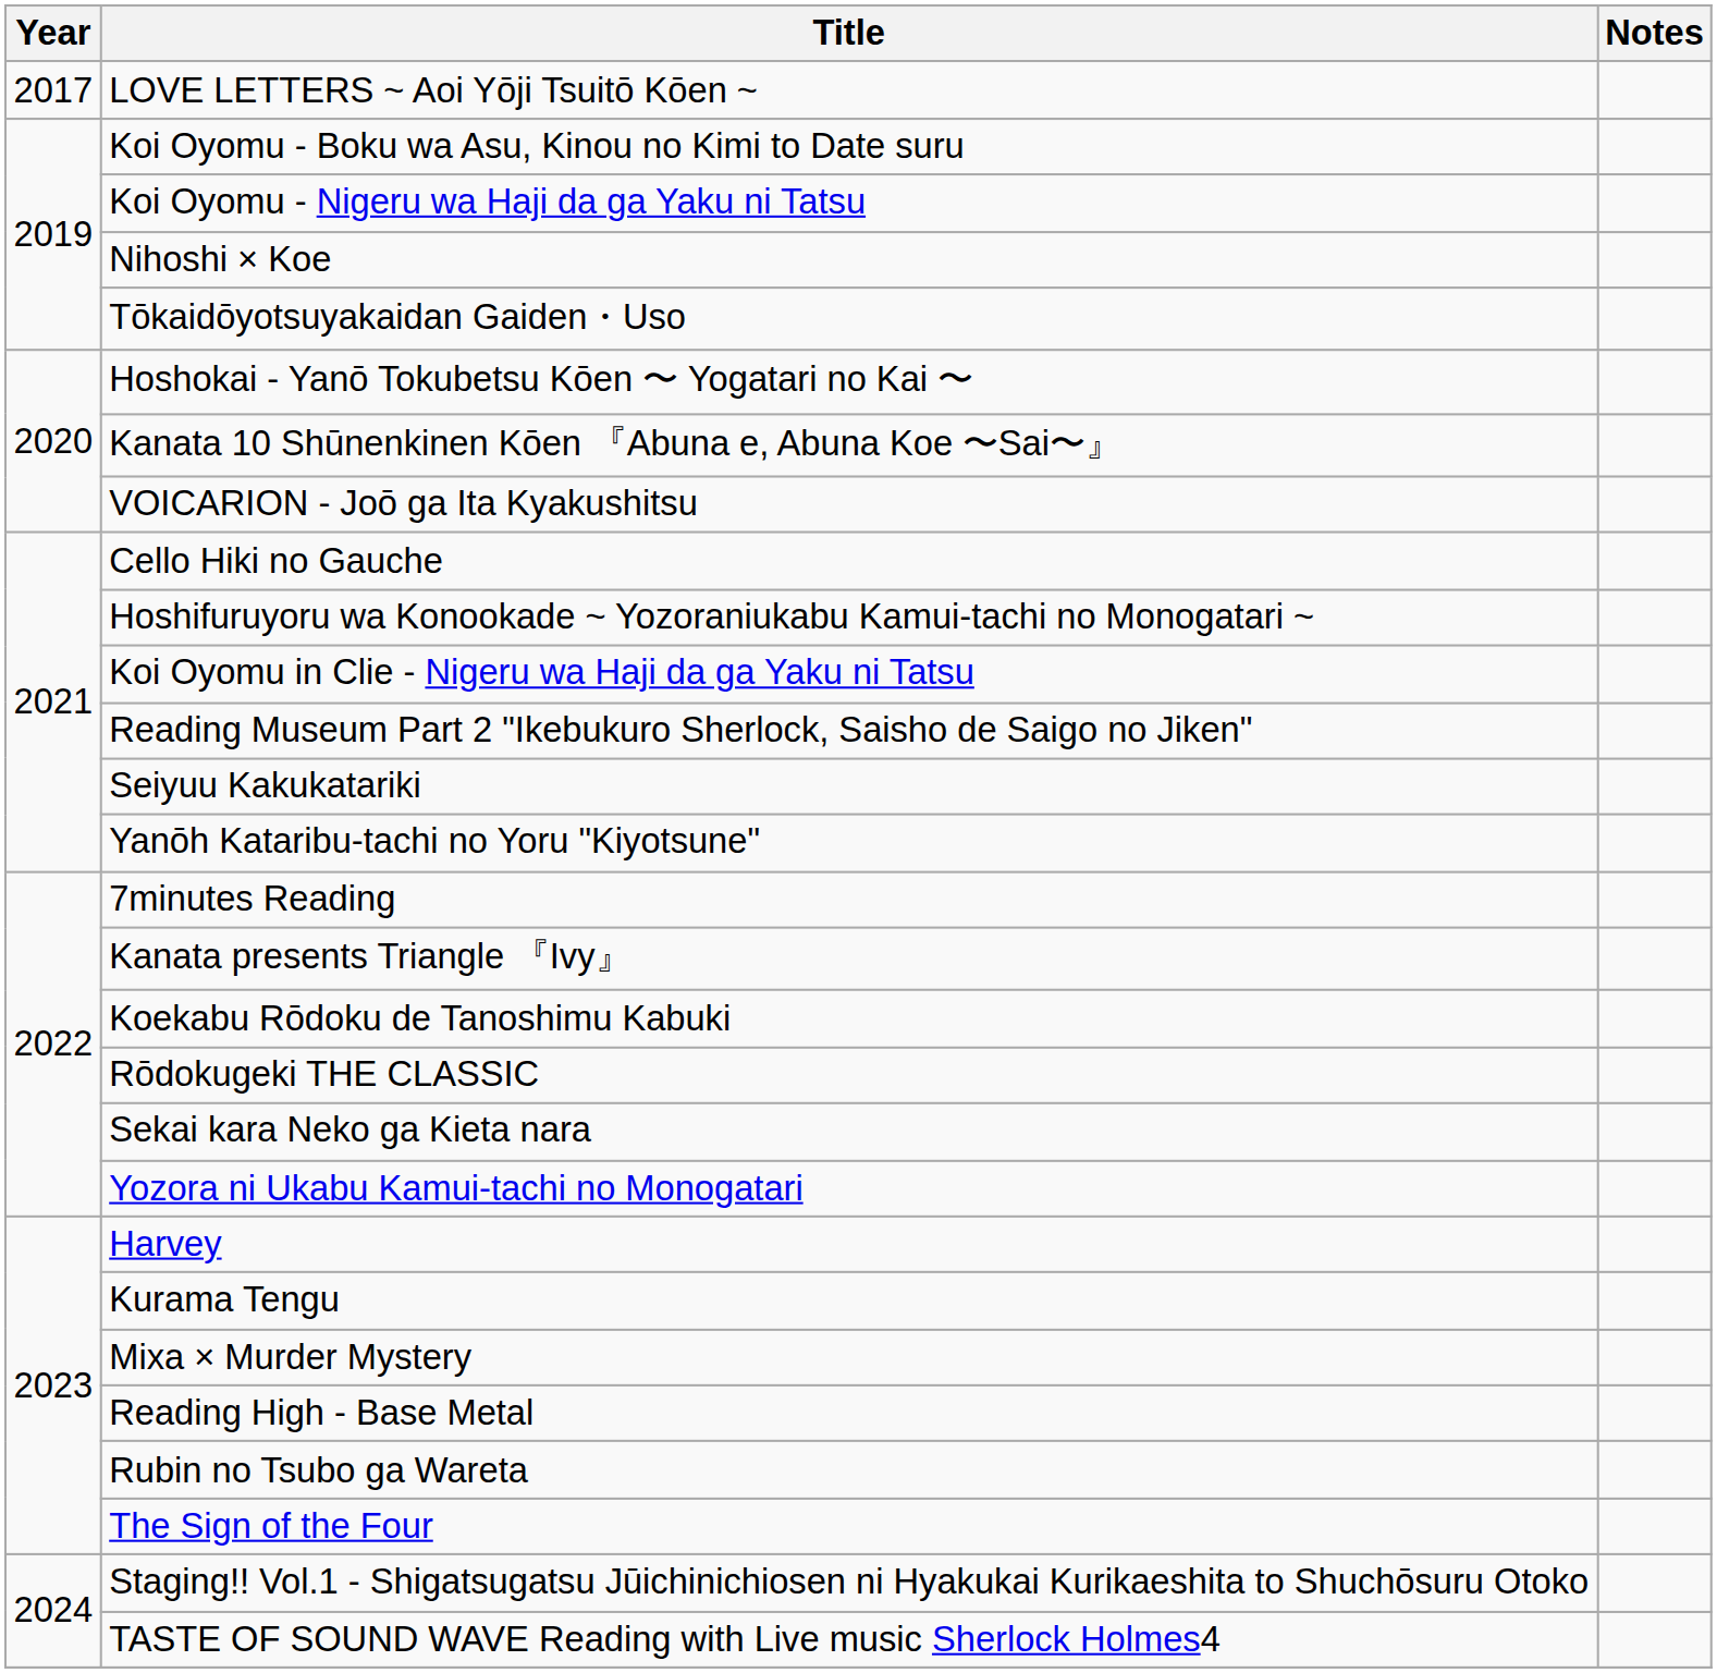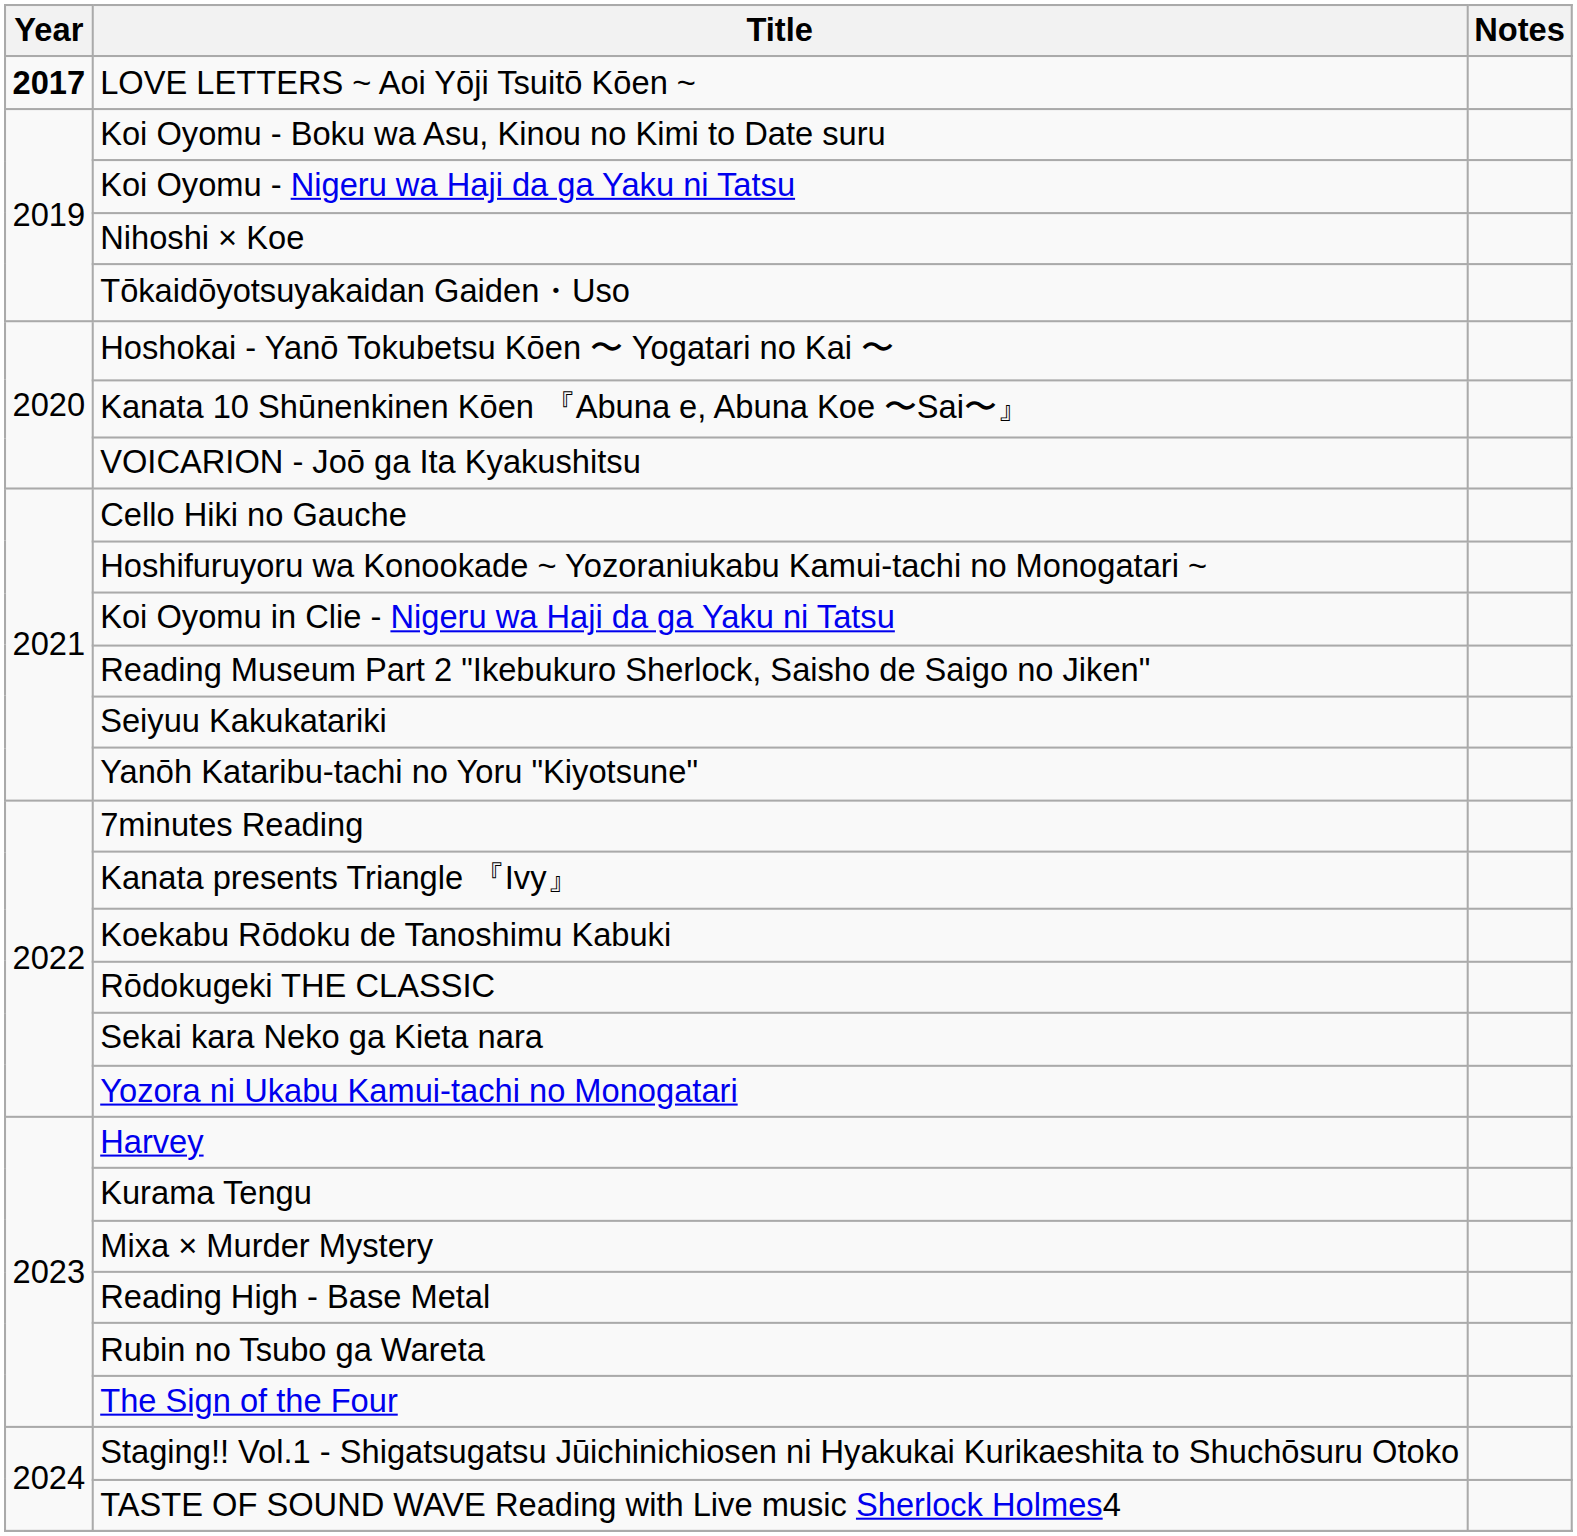 <table class="wikitable"|->
 <tr>
 <th>Year</th>
 <th>Title</th>
 <th>Notes</th>
 </tr>
 <tr>
-<td rowspan="1">2017</td>
+<td rowspan="1"><strong>2017</strong></td>
 <td>LOVE LETTERS ~ Aoi Yōji Tsuitō Kōen ~</td>
 <td></td>
 </tr>
 <tr>
 <td rowspan="4">2019</td>
 <td>Koi Oyomu - Boku wa Asu, Kinou no Kimi to Date suru</td>
 <td></td>
 </tr>
 <tr>
 <td>Koi Oyomu - <a href='#'>Nigeru wa Haji da ga Yaku ni Tatsu</a></td>
 <td></td>
 </tr>
 <tr>
 <td>Nihoshi × Koe</td>
 <td></td>
 </tr>
 <tr>
 <td>Tōkaidōyotsuyakaidan Gaiden・Uso</td>
 <td></td>
 </tr>
 <tr>
 <td rowspan="3">2020</td>
 <td>Hoshokai - Yanō Tokubetsu Kōen 〜 Yogatari no Kai 〜</td>
 <td></td>
 </tr>
 <tr>
 <td>Kanata 10 Shūnenkinen Kōen 『Abuna e, Abuna Koe 〜Sai〜』</td>
 <td></td>
 </tr>
 <tr>
 <td>VOICARION - Joō ga Ita Kyakushitsu</td>
 <td></td>
 </tr>
 <tr>
 <td rowspan="6">2021</td>
 <td>Cello Hiki no Gauche</td>
 <td></td>
 </tr>
 <tr>
 <td>Hoshifuruyoru wa Konookade ~ Yozoraniukabu Kamui-tachi no Monogatari ~</td>
 <td></td>
 </tr>
 <tr>
 <td>Koi Oyomu in Clie - <a href='#'>Nigeru wa Haji da ga Yaku ni Tatsu</a></td>
 <td></td>
 </tr>
 <tr>
 <td>Reading Museum Part 2 "Ikebukuro Sherlock, Saisho de Saigo no Jiken"</td>
 <td></td>
 </tr>
 <tr>
 <td>Seiyuu Kakukatariki</td>
 <td></td>
 </tr>
 <tr>
 <td>Yanōh Kataribu-tachi no Yoru "Kiyotsune"</td>
 <td></td>
 </tr>
 <tr>
 <td rowspan="6">2022</td>
 <td>7minutes Reading</td>
 <td></td>
 </tr>
 <tr>
 <td>Kanata presents Triangle 『Ivy』</td>
 <td></td>
 </tr>
 <tr>
 <td>Koekabu Rōdoku de Tanoshimu Kabuki</td>
 <td></td>
 </tr>
 <tr>
 <td>Rōdokugeki THE CLASSIC</td>
 <td></td>
 </tr>
 <tr>
 <td>Sekai kara Neko ga Kieta nara</td>
 <td></td>
 </tr>
 <tr>
 <td><a href='#'>Yozora ni Ukabu Kamui-tachi no Monogatari</a></td>
 <td></td>
 </tr>
 <tr>
 <td rowspan="6">2023</td>
 <td><a href='#'>Harvey</a></td>
 <td></td>
 </tr>
 <tr>
 <td>Kurama Tengu</td>
 <td></td>
 </tr>
 <tr>
 <td>Mixa × Murder Mystery</td>
 <td></td>
 </tr>
 <tr>
 <td>Reading High - Base Metal</td>
 <td></td>
 </tr>
 <tr>
 <td>Rubin no Tsubo ga Wareta</td>
 <td></td>
 </tr>
 <tr>
 <td><a href='#'>The Sign of the Four</a></td>
 <td></td>
 </tr>
 <tr>
 <td rowspan="2">2024</td>
 <td>Staging!! Vol.1 - Shigatsugatsu Jūichinichiosen ni Hyakukai Kurikaeshita to Shuchōsuru Otoko</td>
 <td></td>
 </tr>
 <tr>
 <td>TASTE OF SOUND WAVE Reading with Live music <a href='#'>Sherlock Holmes</a>4</td>
 <td></td>
 </tr>
 <tr>
 </tr>
 </table>
